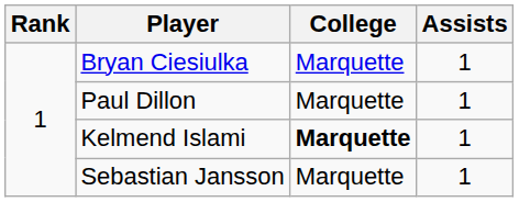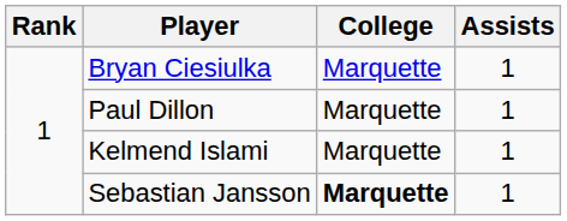 <table class="wikitable" style="text-align:center">
 <tr>
 <th>Rank</th>
 <th>Player</th>
 <th>College</th>
 <th>Assists</th>
 </tr>
 <tr>
 <td rowspan="4" align=center>1</td>
 <td align=left> <a href='#'>Bryan Ciesiulka</a></td>
 <td align=left><a href='#'>Marquette</a></td>
 <td style="text-align:center;">1</td>
 </tr>
 <tr>
 <td align=left> Paul Dillon</td>
 <td align=left>Marquette</td>
 <td style="text-align:center;">1</td>
 </tr>
 <tr>
 <td align=left> Kelmend Islami</td>
-<td align=left><strong>Marquette</strong></td>
+<td align=left>Marquette</td>
 <td style="text-align:center;">1</td>
 </tr>
 <tr>
 <td align=left> Sebastian Jansson</td>
-<td align=left>Marquette</td>
+<td align=left><strong>Marquette</strong></td>
 <td style="text-align:center;">1</td>
 </tr>
 </table>
